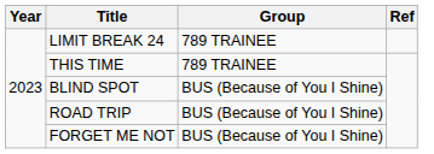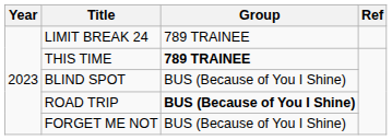 <table class="wikitable">
 <tr>
 <th>Year</th>
 <th>Title</th>
 <th>Group</th>
 <th>Ref</th>
 </tr>
 <tr>
 <td rowspan="5">2023</td>
 <td>LIMIT BREAK 24</td>
 <td>789 TRAINEE</td>
 <td></td>
 </tr>
 <tr>
 <td>THIS TIME</td>
-<td>789 TRAINEE</td>
+<td><strong>789 TRAINEE</strong></td>
 <td rowspan="4"></td>
 </tr>
 <tr>
 <td>BLIND SPOT</td>
 <td>BUS (Because of You I Shine)</td>
 </tr>
 <tr>
 <td>ROAD TRIP</td>
-<td>BUS (Because of You I Shine)</td>
+<td><strong>BUS (Because of You I Shine)</strong></td>
 </tr>
 <tr>
 <td>FORGET ME NOT</td>
 <td>BUS (Because of You I Shine)</td>
 </tr>
 </table>
